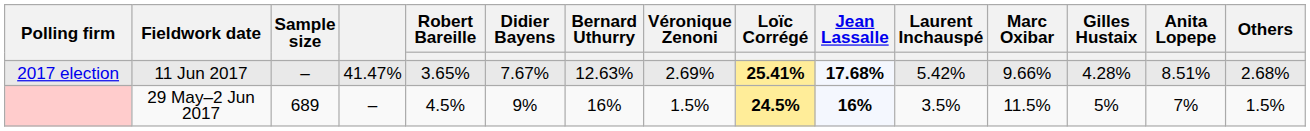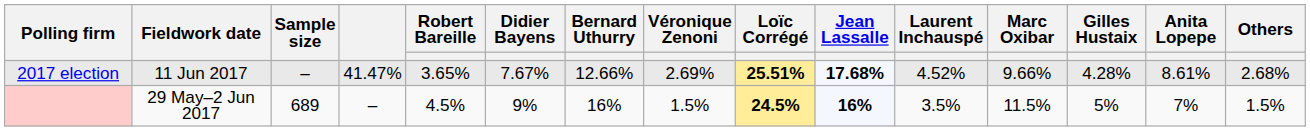 <table class="wikitable sortable" style="text-align:center;font-size:90%;line-height:14px;">
 <tr style="height:40px;">
 <th style="width:100px;" rowspan="2">Polling firm</th>
 <th style="width:110px;" rowspan="2">Fieldwork date</th>
 <th style="width:35px;" rowspan="2">Sample<br>size</th>
 <th style="width:30px;" rowspan="2"></th>
 <th class="unsortable" style="width:60px;">Robert Bareille<br></th>
 <th class="unsortable" style="width:60px;">Didier Bayens<br></th>
 <th class="unsortable" style="width:60px;">Bernard Uthurry<br></th>
 <th class="unsortable" style="width:60px;">Véronique Zenoni<br></th>
 <th class="unsortable" style="width:60px;">Loïc Corrégé<br></th>
 <th class="unsortable" style="width:60px;"><a href='#'>Jean Lassalle</a><br></th>
 <th class="unsortable" style="width:60px;">Laurent Inchauspé<br></th>
 <th class="unsortable" style="width:60px;">Marc Oxibar<br></th>
 <th class="unsortable" style="width:60px;">Gilles Hustaix<br></th>
 <th class="unsortable" style="width:60px;">Anita Lopepe<br></th>
 <th class="unsortable" style="width:60px;">Others</th>
 </tr>
 <tr>
 <th style="background:"></th>
 <th style="background:"></th>
 <th style="background:"></th>
 <th style="background:"></th>
 <th style="background:"></th>
 <th style="background:"></th>
 <th style="background:"></th>
 <th style="background:"></th>
 <th style="background:"></th>
 <th style="background:"></th>
 <th style="background:"></th>
 </tr>
 <tr style="background:#E9E9E9;">
 <td><a href='#'>2017 election</a></td>
 <td data-sort-value="2017-06-11">11 Jun 2017</td>
 <td>–</td>
 <td>41.47%</td>
 <td>3.65%</td>
 <td>7.67%</td>
-<td>12.63%</td>
+<td>12.66%</td>
 <td>2.69%</td>
-<td style="background:#FFED99;"><strong>25.41%</strong></td>
+<td style="background:#FFED99;"><strong>25.51%</strong></td>
 <td style="background:#F4F7FE;"><strong>17.68%</strong></td>
-<td>5.42%</td>
+<td>4.52%</td>
 <td>9.66%</td>
 <td>4.28%</td>
-<td>8.51%</td>
+<td>8.61%</td>
 <td>2.68%</td>
 </tr>
 <tr>
 <td style="background:#FFCCCC;"></td>
 <td data-sort-value="2017-06-02">29 May–2 Jun 2017</td>
 <td>689</td>
 <td>–</td>
 <td>4.5%</td>
 <td>9%</td>
 <td>16%</td>
 <td>1.5%</td>
 <td style="background:#FFED99;"><strong>24.5%</strong></td>
 <td style="background:#F4F7FE;"><strong>16%</strong></td>
 <td>3.5%</td>
 <td>11.5%</td>
 <td>5%</td>
 <td>7%</td>
 <td>1.5%</td>
 </tr>
 </table>
